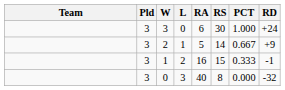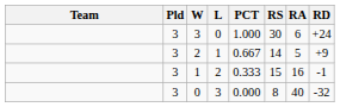 <table class=wikitable style="text-align:center">
 <tr>
 <th width=200>Team</th>
 <th width=20>Pld</th>
 <th width=20>W</th>
 <th width=20>L</th>
+<th width=40>PCT</th>
+<th width=20>RS</th>
 <th width=20>RA</th>
-<th width=20>RS</th>
-<th width=40>PCT</th>
 <th width=20>RD</th>
 </tr>
 <tr>
 <td align=left><strong></strong></td>
 <td>3</td>
 <td>3</td>
 <td>0</td>
+<td>1.000</td>
+<td>30</td>
 <td>6</td>
-<td>30</td>
-<td>1.000</td>
 <td>+24</td>
 </tr>
 <tr>
 <td align=left><strong></strong></td>
 <td>3</td>
 <td>2</td>
 <td>1</td>
+<td>0.667</td>
+<td>14</td>
 <td>5</td>
-<td>14</td>
-<td>0.667</td>
 <td>+9</td>
 </tr>
 <tr>
 <td align=left></td>
 <td>3</td>
 <td>1</td>
 <td>2</td>
+<td>0.333</td>
+<td>15</td>
 <td>16</td>
-<td>15</td>
-<td>0.333</td>
 <td>-1</td>
 </tr>
 <tr>
 <td align=left></td>
 <td>3</td>
 <td>0</td>
 <td>3</td>
+<td>0.000</td>
+<td>8</td>
 <td>40</td>
-<td>8</td>
-<td>0.000</td>
 <td>-32</td>
 </tr>
 </table>
